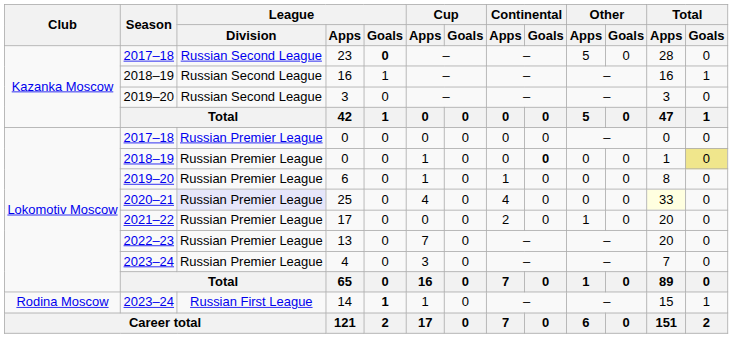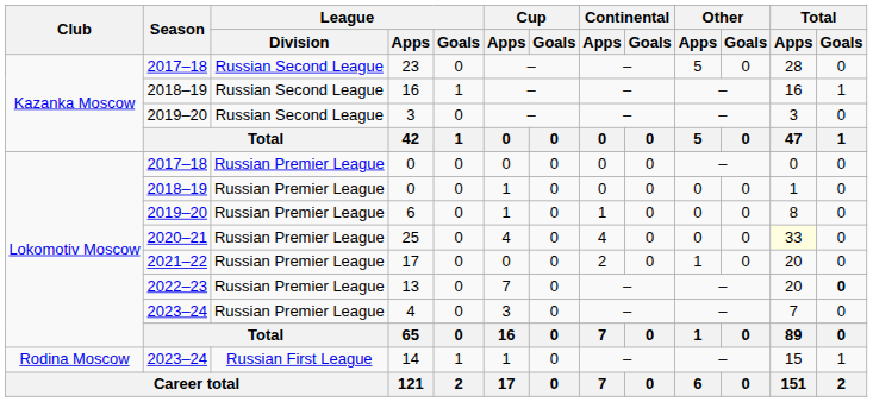 <table class="wikitable" style="text-align: center;">
 <tr>
 <th rowspan=2>Club</th>
 <th rowspan=2>Season</th>
 <th colspan=3>League</th>
 <th colspan=2>Cup</th>
 <th colspan=2>Continental</th>
 <th colspan=2>Other</th>
 <th colspan=2>Total</th>
 </tr>
 <tr>
 <th>Division</th>
 <th>Apps</th>
 <th>Goals</th>
 <th>Apps</th>
 <th>Goals</th>
 <th>Apps</th>
 <th>Goals</th>
 <th>Apps</th>
 <th>Goals</th>
 <th>Apps</th>
 <th>Goals</th>
 </tr>
 <tr>
 <td rowspan="4"><a href='#'>Kazanka Moscow</a></td>
 <td><a href='#'>2017–18</a></td>
 <td><a href='#'>Russian Second League</a></td>
 <td>23</td>
-<td><strong>0</strong></td>
+<td>0</td>
 <td colspan=2>–</td>
 <td colspan=2>–</td>
 <td>5</td>
 <td>0</td>
 <td>28</td>
 <td>0</td>
 </tr>
 <tr>
 <td>2018–19</td>
 <td>Russian Second League</td>
 <td>16</td>
 <td>1</td>
 <td colspan=2>–</td>
 <td colspan=2>–</td>
 <td colspan=2>–</td>
 <td>16</td>
 <td>1</td>
 </tr>
 <tr>
 <td>2019–20</td>
 <td>Russian Second League</td>
 <td>3</td>
 <td>0</td>
 <td colspan=2>–</td>
 <td colspan=2>–</td>
 <td colspan=2>–</td>
 <td>3</td>
 <td>0</td>
 </tr>
 <tr>
 <th colspan=2>Total</th>
 <th>42</th>
 <th>1</th>
 <th>0</th>
 <th>0</th>
 <th>0</th>
 <th>0</th>
 <th>5</th>
 <th>0</th>
 <th>47</th>
 <th>1</th>
 </tr>
 <tr>
 <td rowspan="8"><a href='#'>Lokomotiv Moscow</a></td>
 <td><a href='#'>2017–18</a></td>
 <td><a href='#'>Russian Premier League</a></td>
 <td>0</td>
 <td>0</td>
 <td>0</td>
 <td>0</td>
 <td>0</td>
 <td>0</td>
 <td colspan=2>–</td>
 <td>0</td>
 <td>0</td>
 </tr>
 <tr>
 <td><a href='#'>2018–19</a></td>
 <td>Russian Premier League</td>
 <td>0</td>
 <td>0</td>
 <td>1</td>
 <td>0</td>
 <td>0</td>
-<td><strong>0</strong></td>
+<td>0</td>
 <td>0</td>
 <td>0</td>
 <td>1</td>
-<td style="background: khaki;">0</td>
+<td>0</td>
 </tr>
 <tr>
 <td><a href='#'>2019–20</a></td>
 <td>Russian Premier League</td>
 <td>6</td>
 <td>0</td>
 <td>1</td>
 <td>0</td>
 <td>1</td>
 <td>0</td>
 <td>0</td>
 <td>0</td>
 <td>8</td>
 <td>0</td>
 </tr>
 <tr>
 <td><a href='#'>2020–21</a></td>
-<td style="background: lavender;">Russian Premier League</td>
+<td>Russian Premier League</td>
 <td>25</td>
 <td>0</td>
 <td>4</td>
 <td>0</td>
 <td>4</td>
 <td>0</td>
 <td>0</td>
 <td>0</td>
 <td style="background: lightyellow;">33</td>
 <td>0</td>
 </tr>
 <tr>
 <td><a href='#'>2021–22</a></td>
 <td>Russian Premier League</td>
 <td>17</td>
 <td>0</td>
 <td>0</td>
 <td>0</td>
 <td>2</td>
 <td>0</td>
 <td>1</td>
 <td>0</td>
 <td>20</td>
 <td>0</td>
 </tr>
 <tr>
 <td><a href='#'>2022–23</a></td>
 <td>Russian Premier League</td>
 <td>13</td>
 <td>0</td>
 <td>7</td>
 <td>0</td>
 <td colspan=2>–</td>
 <td colspan=2>–</td>
 <td>20</td>
-<td>0</td>
+<td><strong>0</strong></td>
 </tr>
 <tr>
 <td><a href='#'>2023–24</a></td>
 <td>Russian Premier League</td>
 <td>4</td>
 <td>0</td>
 <td>3</td>
 <td>0</td>
 <td colspan=2>–</td>
 <td colspan=2>–</td>
 <td>7</td>
 <td>0</td>
 </tr>
 <tr>
 <th colspan=2>Total</th>
 <th>65</th>
 <th>0</th>
 <th>16</th>
 <th>0</th>
 <th>7</th>
 <th>0</th>
 <th>1</th>
 <th>0</th>
 <th>89</th>
 <th>0</th>
 </tr>
 <tr>
 <td><a href='#'>Rodina Moscow</a></td>
 <td><a href='#'>2023–24</a></td>
 <td><a href='#'>Russian First League</a></td>
 <td>14</td>
-<td><strong>1</strong></td>
+<td>1</td>
 <td>1</td>
 <td>0</td>
 <td colspan=2>–</td>
 <td colspan=2>–</td>
 <td>15</td>
 <td>1</td>
 </tr>
 <tr>
 <th colspan=3>Career total</th>
 <th>121</th>
 <th>2</th>
 <th>17</th>
 <th>0</th>
 <th>7</th>
 <th>0</th>
 <th>6</th>
 <th>0</th>
 <th>151</th>
 <th>2</th>
 </tr>
 </table>
